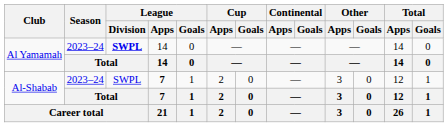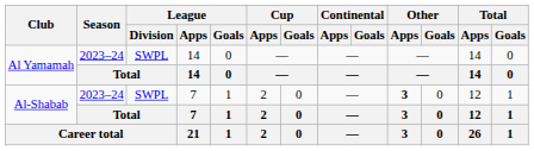 <table class="wikitable" style="text-align: center;">
 <tr>
 <th rowspan="2">Club</th>
 <th rowspan="2">Season</th>
 <th colspan="3">League</th>
 <th colspan="2">Cup</th>
 <th colspan="2">Continental</th>
 <th colspan="2">Other</th>
 <th colspan="2">Total</th>
 </tr>
 <tr>
 <th>Division</th>
 <th>Apps</th>
 <th>Goals</th>
 <th>Apps</th>
 <th>Goals</th>
 <th>Apps</th>
 <th>Goals</th>
 <th>Apps</th>
 <th>Goals</th>
 <th>Apps</th>
 <th>Goals</th>
 </tr>
 <tr>
 <td rowspan="2"><a href='#'>Al Yamamah</a></td>
 <td><a href='#'>2023–24</a></td>
-<td rowspan="1"><strong><a href='#'>SWPL</a></strong></td>
+<td rowspan="1"><a href='#'>SWPL</a></td>
 <td>14</td>
 <td>0</td>
 <td colspan="2">—</td>
 <td colspan="2">—</td>
 <td colspan="2">—</td>
 <td>14</td>
 <td>0</td>
 </tr>
 <tr>
 <th colspan="2">Total</th>
 <th>14</th>
 <th>0</th>
 <th colspan="2">—</th>
 <th colspan="2">—</th>
 <th colspan="2">—</th>
 <th>14</th>
 <th>0</th>
 </tr>
 <tr>
 <td rowspan="2"><a href='#'>Al-Shabab</a></td>
 <td><a href='#'>2023–24</a></td>
 <td rowspan="1"><a href='#'>SWPL</a></td>
-<td><strong>7</strong></td>
+<td>7</td>
 <td>1</td>
 <td>2</td>
 <td>0</td>
 <td colspan="2">—</td>
-<td>3</td>
+<td><strong>3</strong></td>
 <td>0</td>
 <td>12</td>
 <td>1</td>
 </tr>
 <tr>
 <th colspan="2">Total</th>
 <th>7</th>
 <th>1</th>
 <th>2</th>
 <th>0</th>
 <th colspan="2">—</th>
 <th>3</th>
 <th>0</th>
 <th>12</th>
 <th>1</th>
 </tr>
 <tr>
 <th colspan="3">Career total</th>
 <th>21</th>
 <th>1</th>
 <th>2</th>
 <th>0</th>
 <th colspan="2">—</th>
 <th>3</th>
 <th>0</th>
 <th>26</th>
 <th>1</th>
 </tr>
 </table>
